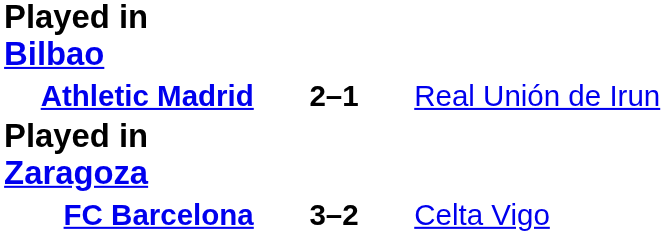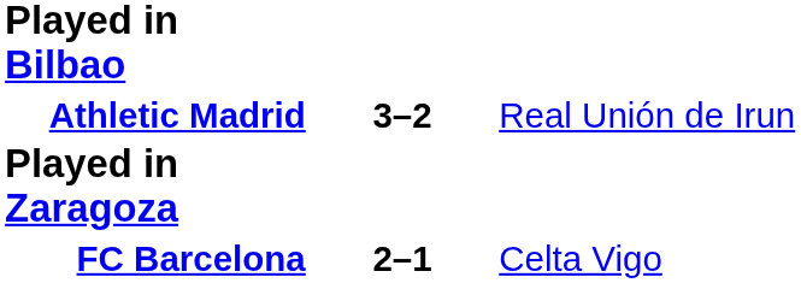 <table width=100% cellspacing=1>
 <tr>
 <th width=20%></th>
 <th width=12%></th>
 <th width=20%></th>
 <th></th>
 </tr>
 <tr>
 <td><strong>Played in <a href='#'>Bilbao</a></strong></td>
 </tr>
 <tr style=font-size:90%>
 <td align=right><strong><a href='#'>Athletic Madrid</a></strong></td>
-<td align=center><strong>2–1</strong></td>
+<td align=center><strong>3–2</strong></td>
 <td align=left><a href='#'>Real Unión de Irun</a></td>
 </tr>
 <tr>
 <td><strong>Played in <a href='#'>Zaragoza</a></strong></td>
 </tr>
 <tr style=font-size:90%>
 <td align=right><strong><a href='#'>FC Barcelona</a></strong></td>
-<td align=center><strong>3–2</strong></td>
+<td align=center><strong>2–1</strong></td>
 <td align=left><a href='#'>Celta Vigo</a></td>
 </tr>
 </table>
